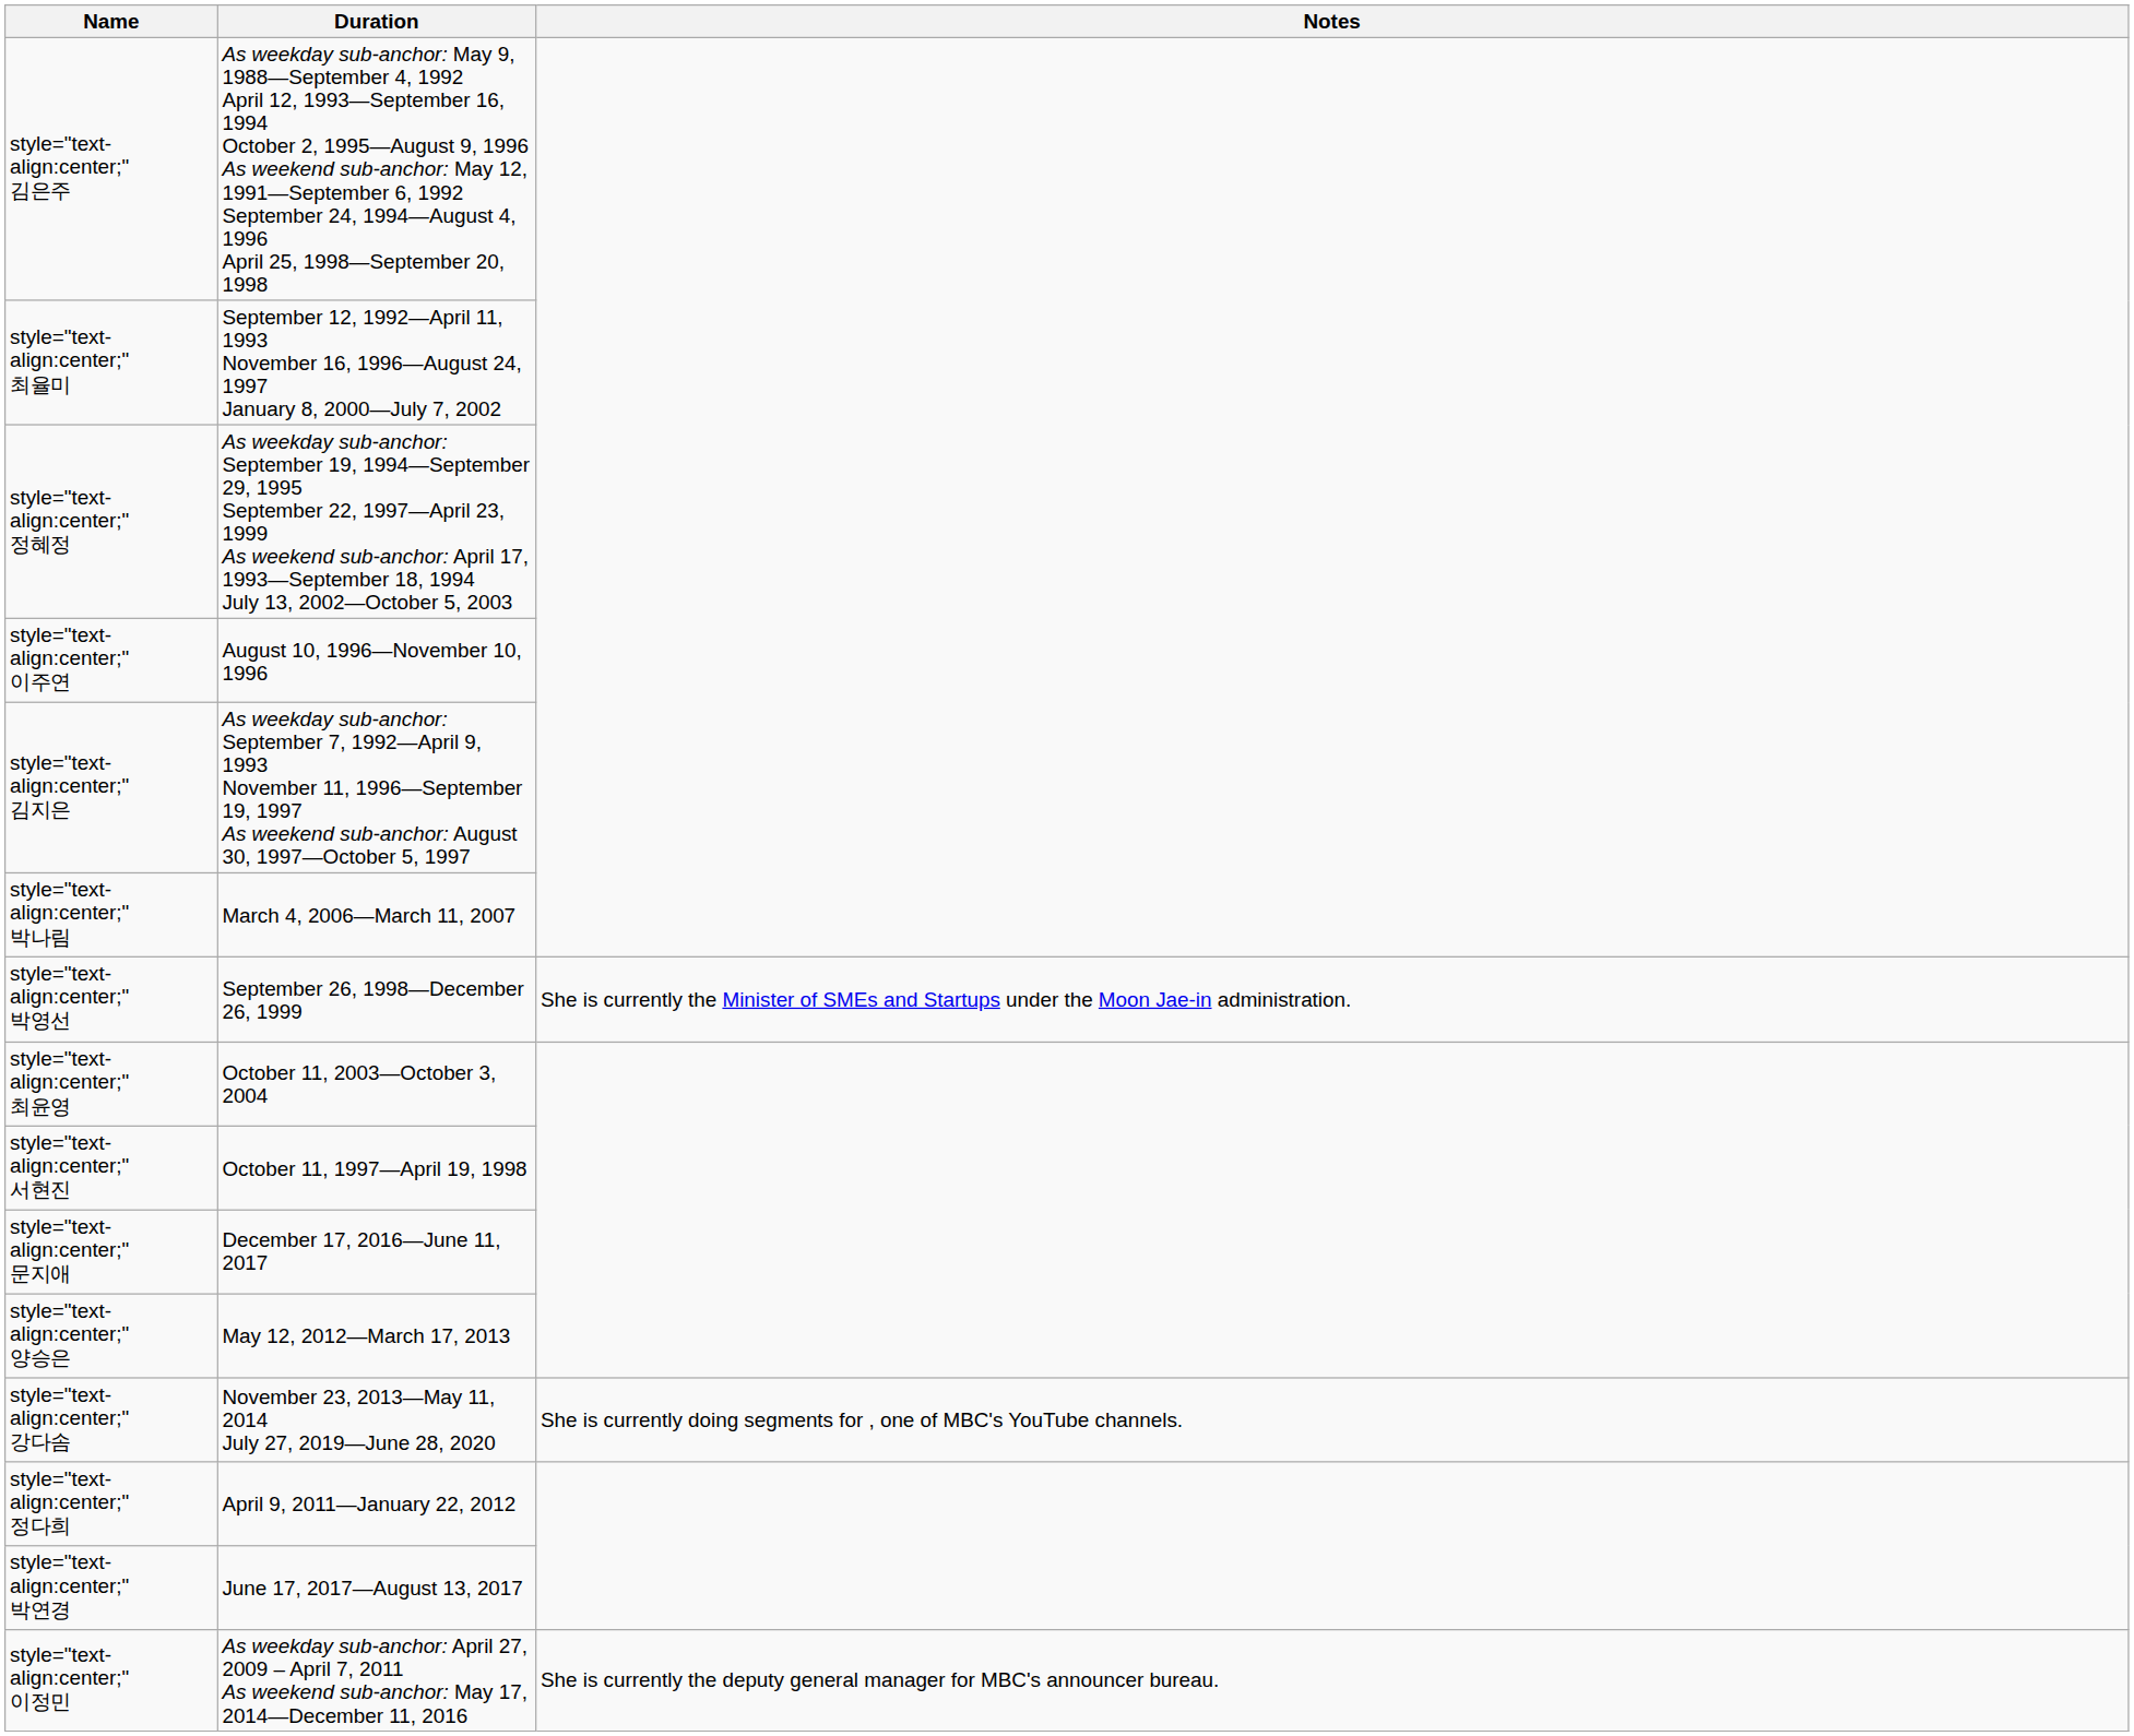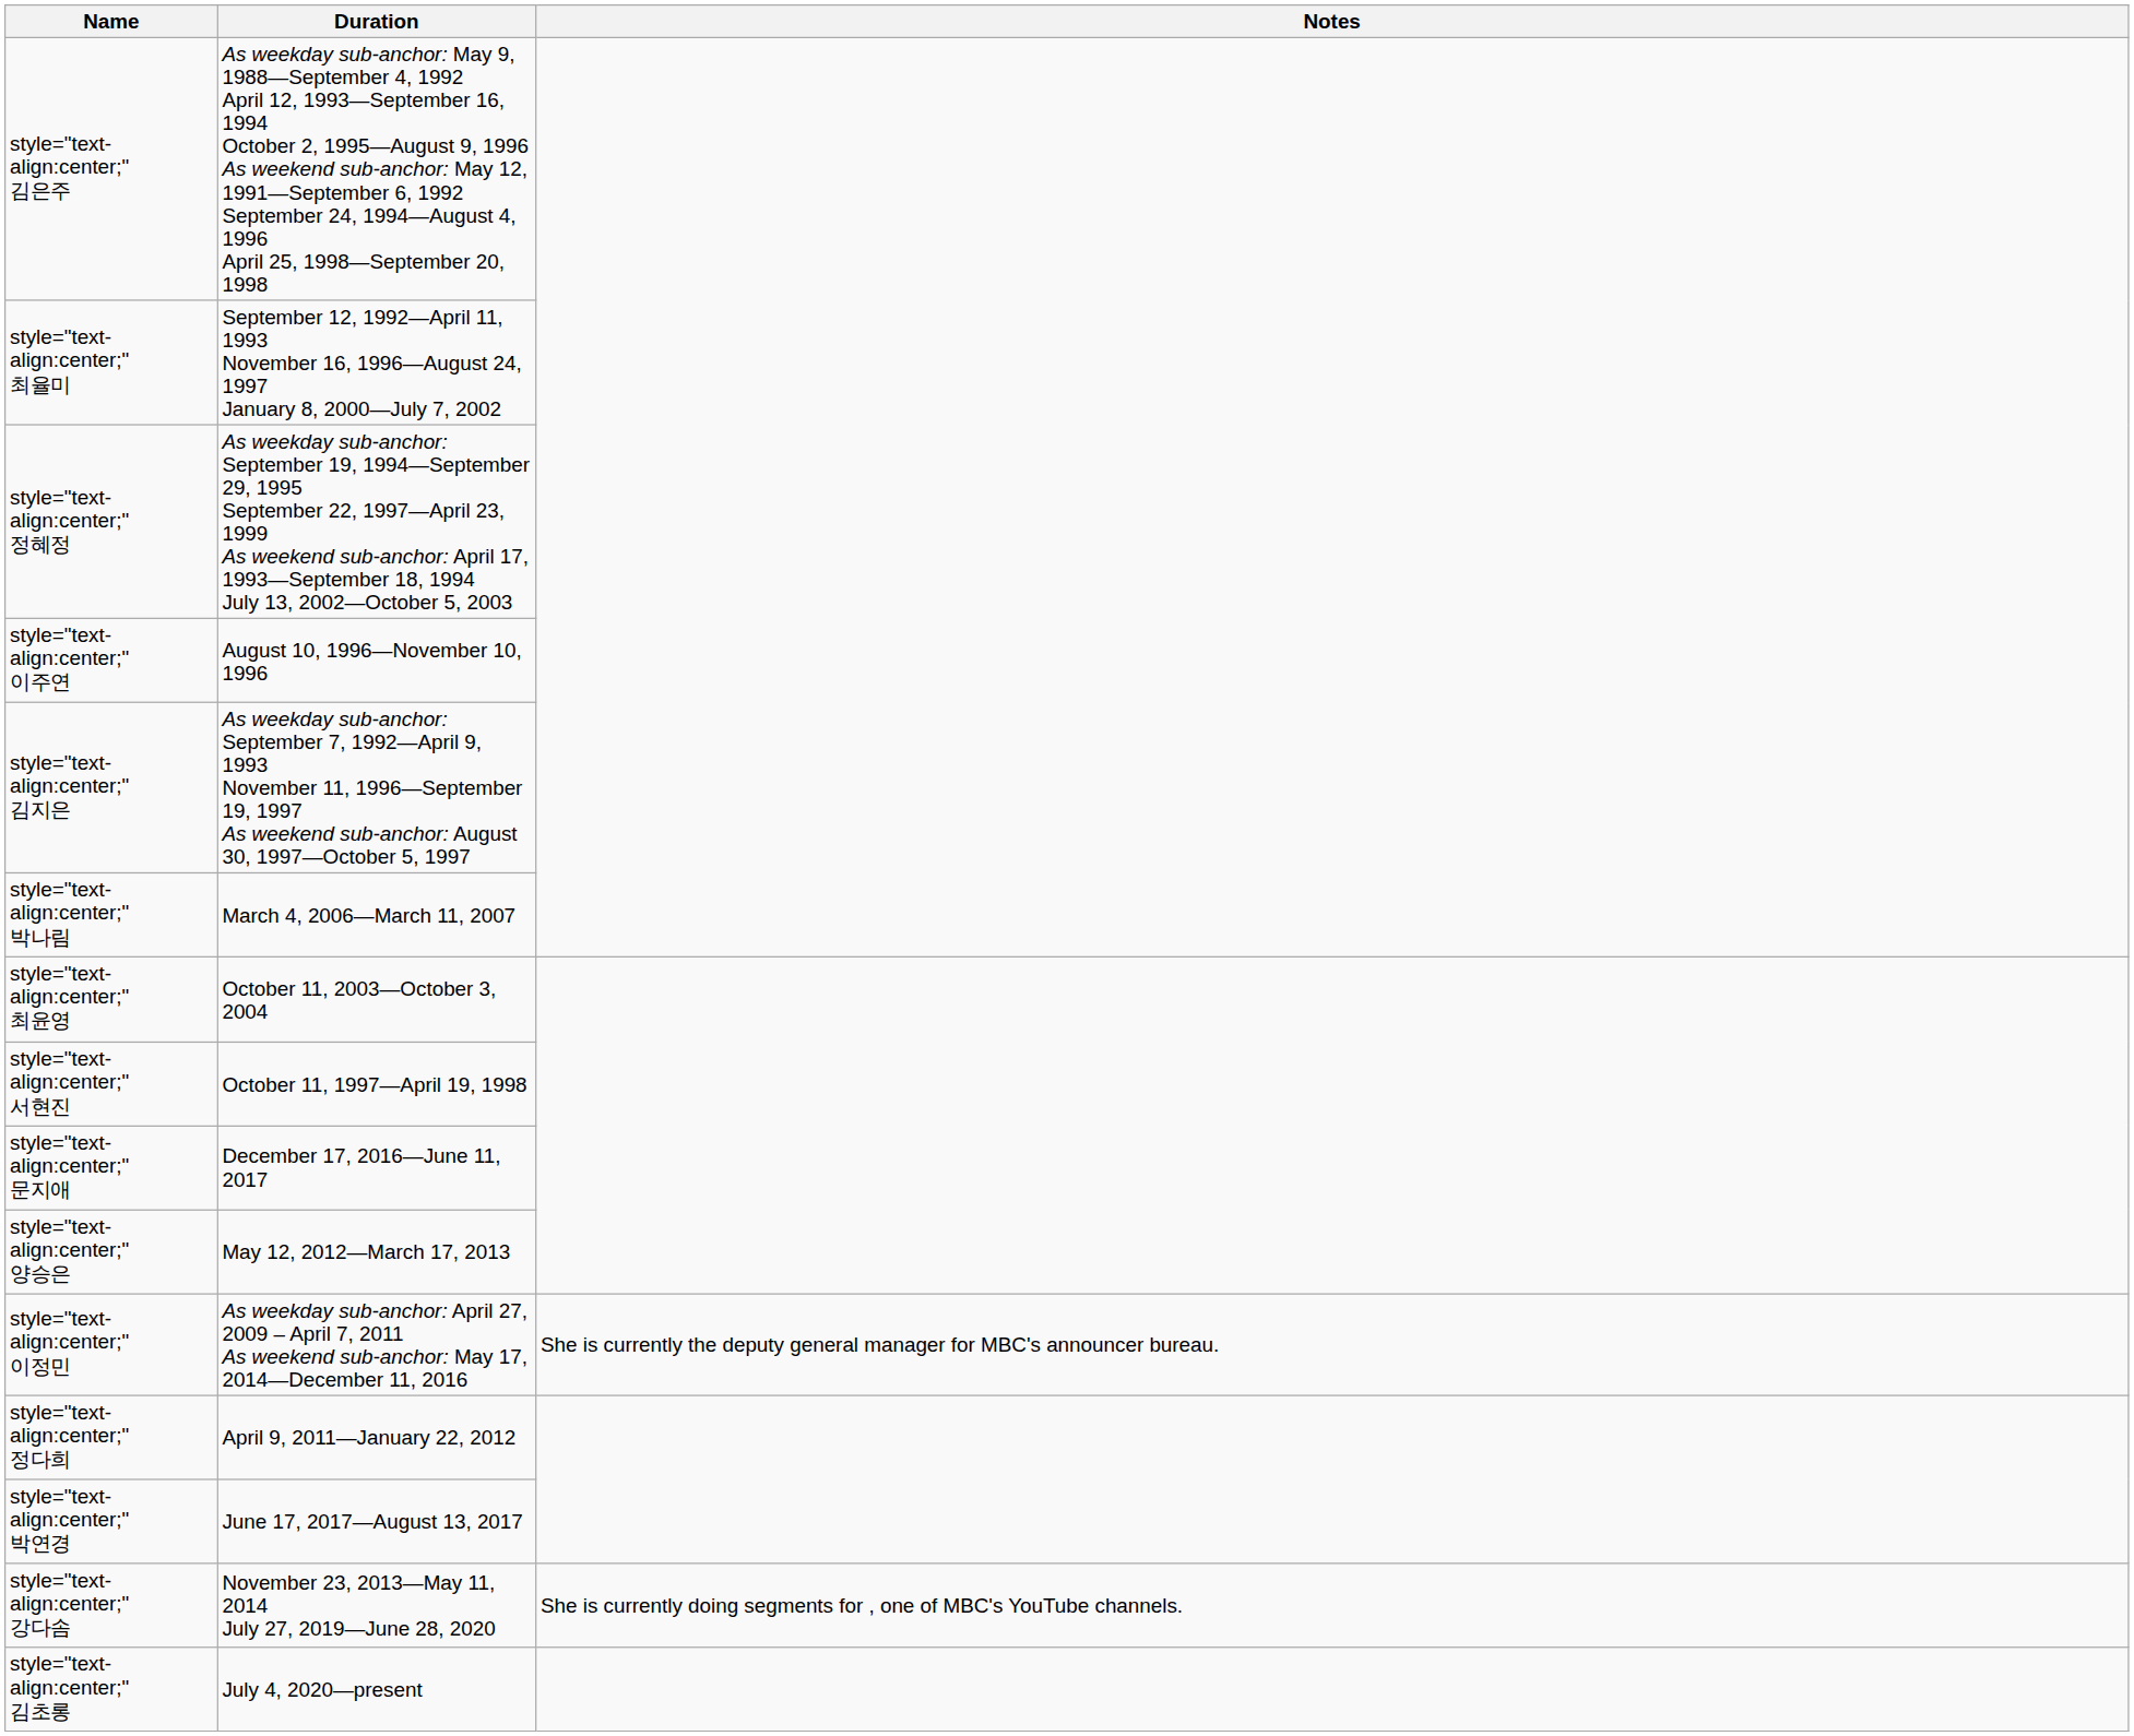 <table class="wikitable" style="font-size:95%">
 <tr>
 <th style="width:10%; text-align:center;">Name</th>
 <th style="width:15%; text-align:center;">Duration</th>
 <th>Notes</th>
 </tr>
 <tr>
 <td>style="text-align:center;" <br>김은주</td>
 <td><em>As weekday sub-anchor:</em> May 9, 1988—September 4, 1992<br>April 12, 1993—September 16, 1994<br>October 2, 1995—August 9, 1996<br><em>As weekend sub-anchor:</em> May 12, 1991—September 6, 1992<br>September 24, 1994—August 4, 1996<br>April 25, 1998—September 20, 1998</td>
 <td rowspan="6"></td>
 </tr>
 <tr>
 <td>style="text-align:center;" <br>최율미</td>
 <td>September 12, 1992—April 11, 1993<br>November 16, 1996—August 24, 1997<br>January 8, 2000—July 7, 2002</td>
 </tr>
 <tr>
 <td>style="text-align:center;" <br>정혜정</td>
 <td><em>As weekday sub-anchor:</em> September 19, 1994—September 29, 1995<br>September 22, 1997—April 23, 1999<br><em>As weekend sub-anchor:</em> April 17, 1993—September 18, 1994<br>July 13, 2002—October 5, 2003</td>
 </tr>
 <tr>
 <td>style="text-align:center;" <br>이주연</td>
 <td>August 10, 1996—November 10, 1996</td>
 </tr>
 <tr>
 <td>style="text-align:center;" <br>김지은</td>
 <td><em>As weekday sub-anchor:</em> September 7, 1992—April 9, 1993<br>November 11, 1996—September 19, 1997<br><em>As weekend sub-anchor:</em> August 30, 1997—October 5, 1997</td>
 </tr>
 <tr>
 <td>style="text-align:center;" <br>박나림</td>
 <td>March 4, 2006—March 11, 2007</td>
 </tr>
 <tr>
-<td>style="text-align:center;" <br>박영선</td>
-<td>September 26, 1998—December 26, 1999</td>
-<td>She is currently the <a href='#'>Minister of SMEs and Startups</a> under the <a href='#'>Moon Jae-in</a> administration.</td>
-</tr>
-<tr>
 <td>style="text-align:center;" <br>최윤영</td>
 <td>October 11, 2003—October 3, 2004</td>
 <td rowspan="4"></td>
 </tr>
 <tr>
 <td>style="text-align:center;" <br>서현진</td>
 <td>October 11, 1997—April 19, 1998</td>
 </tr>
 <tr>
 <td>style="text-align:center;" <br>문지애</td>
 <td>December 17, 2016—June 11, 2017</td>
 </tr>
 <tr>
 <td>style="text-align:center;" <br>양승은</td>
 <td>May 12, 2012—March 17, 2013</td>
 </tr>
 <tr>
-<td>style="text-align:center;" <br>강다솜</td>
-<td>November 23, 2013—May 11, 2014<br>July 27, 2019—June 28, 2020</td>
-<td>She is currently doing segments for , one of MBC's YouTube channels.</td>
+<td>style="text-align:center;" <br>이정민</td>
+<td><em>As weekday sub-anchor:</em> April 27, 2009 – April 7, 2011<br><em>As weekend sub-anchor:</em> May 17, 2014—December 11, 2016</td>
+<td>She is currently the deputy general manager for MBC's announcer bureau.</td>
 </tr>
 <tr>
 <td>style="text-align:center;" <br>정다희</td>
 <td>April 9, 2011—January 22, 2012</td>
 <td rowspan="2"></td>
 </tr>
 <tr>
 <td>style="text-align:center;" <br>박연경</td>
 <td>June 17, 2017—August 13, 2017</td>
 </tr>
 <tr>
-<td>style="text-align:center;" <br>이정민</td>
-<td><em>As weekday sub-anchor:</em> April 27, 2009 – April 7, 2011<br><em>As weekend sub-anchor:</em> May 17, 2014—December 11, 2016</td>
-<td>She is currently the deputy general manager for MBC's announcer bureau.</td>
+<td>style="text-align:center;" <br>강다솜</td>
+<td>November 23, 2013—May 11, 2014<br>July 27, 2019—June 28, 2020</td>
+<td>She is currently doing segments for , one of MBC's YouTube channels.</td>
+</tr>
+<tr>
+<td>style="text-align:center;" <br>김초롱</td>
+<td>July 4, 2020—present</td>
+<td></td>
 </tr>
 </table>
